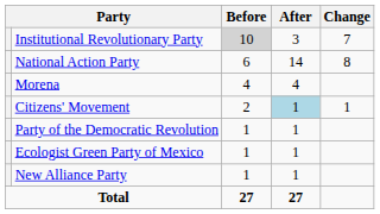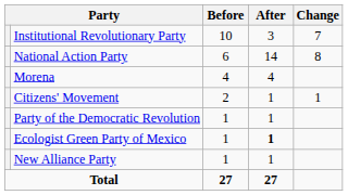 <table class="wikitable" style="text-align:center;">
 <tr>
 <th colspan="2">Party</th>
 <th style="width:3em">Before</th>
 <th style="width:3em">After</th>
 <th style="width:3em">Change</th>
 </tr>
 <tr>
 <th style="background-color:"></th>
 <td style="text-align:left;"><a href='#'>Institutional Revolutionary Party</a></td>
-<td style="background: lightgrey;">10</td>
+<td>10</td>
 <td>3</td>
 <td>7</td>
 </tr>
 <tr>
 <th style="background-color:"></th>
 <td style="text-align:left;"><a href='#'>National Action Party</a></td>
 <td>6</td>
 <td>14</td>
 <td>8</td>
 </tr>
 <tr>
 <th style="background-color:"></th>
 <td style="text-align:left;"><a href='#'>Morena</a></td>
 <td>4</td>
 <td>4</td>
 <td></td>
 </tr>
 <tr>
 <th style="background-color:"></th>
 <td style="text-align:left;"><a href='#'>Citizens' Movement</a></td>
 <td>2</td>
-<td style="background: lightblue;">1</td>
+<td>1</td>
 <td>1</td>
 </tr>
 <tr>
 <th style="background-color:"></th>
 <td style="text-align:left;"><a href='#'>Party of the Democratic Revolution</a></td>
 <td>1</td>
 <td>1</td>
 <td></td>
 </tr>
 <tr>
 <th style="background-color:"></th>
 <td style="text-align:left;"><a href='#'>Ecologist Green Party of Mexico</a></td>
 <td>1</td>
-<td>1</td>
+<td><strong>1</strong></td>
 <td></td>
 </tr>
 <tr>
 <th style="background-color:"></th>
 <td style="text-align:left;"><a href='#'>New Alliance Party</a></td>
 <td>1</td>
 <td>1</td>
 <td></td>
 </tr>
 <tr>
 <td colspan="2"><strong>Total</strong></td>
 <td><strong>27</strong></td>
 <td><strong>27</strong></td>
 <td></td>
 </tr>
 </table>
